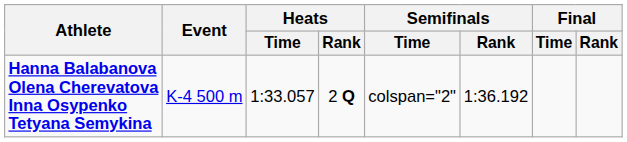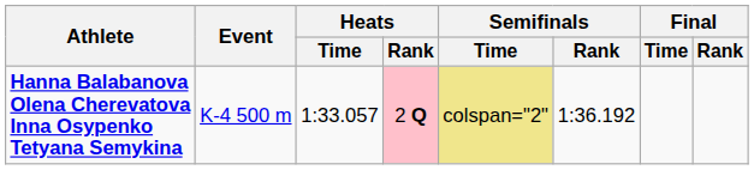 <table class="wikitable" style="font-size:90%">
 <tr>
 <th rowspan=2>Athlete</th>
 <th rowspan=2>Event</th>
 <th colspan=2>Heats</th>
 <th colspan=2>Semifinals</th>
 <th colspan=2>Final</th>
 </tr>
 <tr style="font-size:95%">
 <th>Time</th>
 <th>Rank</th>
 <th>Time</th>
 <th>Rank</th>
 <th>Time</th>
 <th>Rank</th>
 </tr>
 <tr align=center>
 <td align=left><strong><a href='#'>Hanna Balabanova</a><br><a href='#'>Olena Cherevatova</a><br><a href='#'>Inna Osypenko</a><br><a href='#'>Tetyana Semykina</a></strong></td>
 <td align=left><a href='#'>K-4 500 m</a></td>
 <td>1:33.057</td>
-<td>2 <strong>Q</strong></td>
-<td>colspan="2" </td>
+<td style="background: pink;">2 <strong>Q</strong></td>
+<td style="background: khaki;">colspan="2" </td>
 <td>1:36.192</td>
 <td></td>
 </tr>
 </table>
